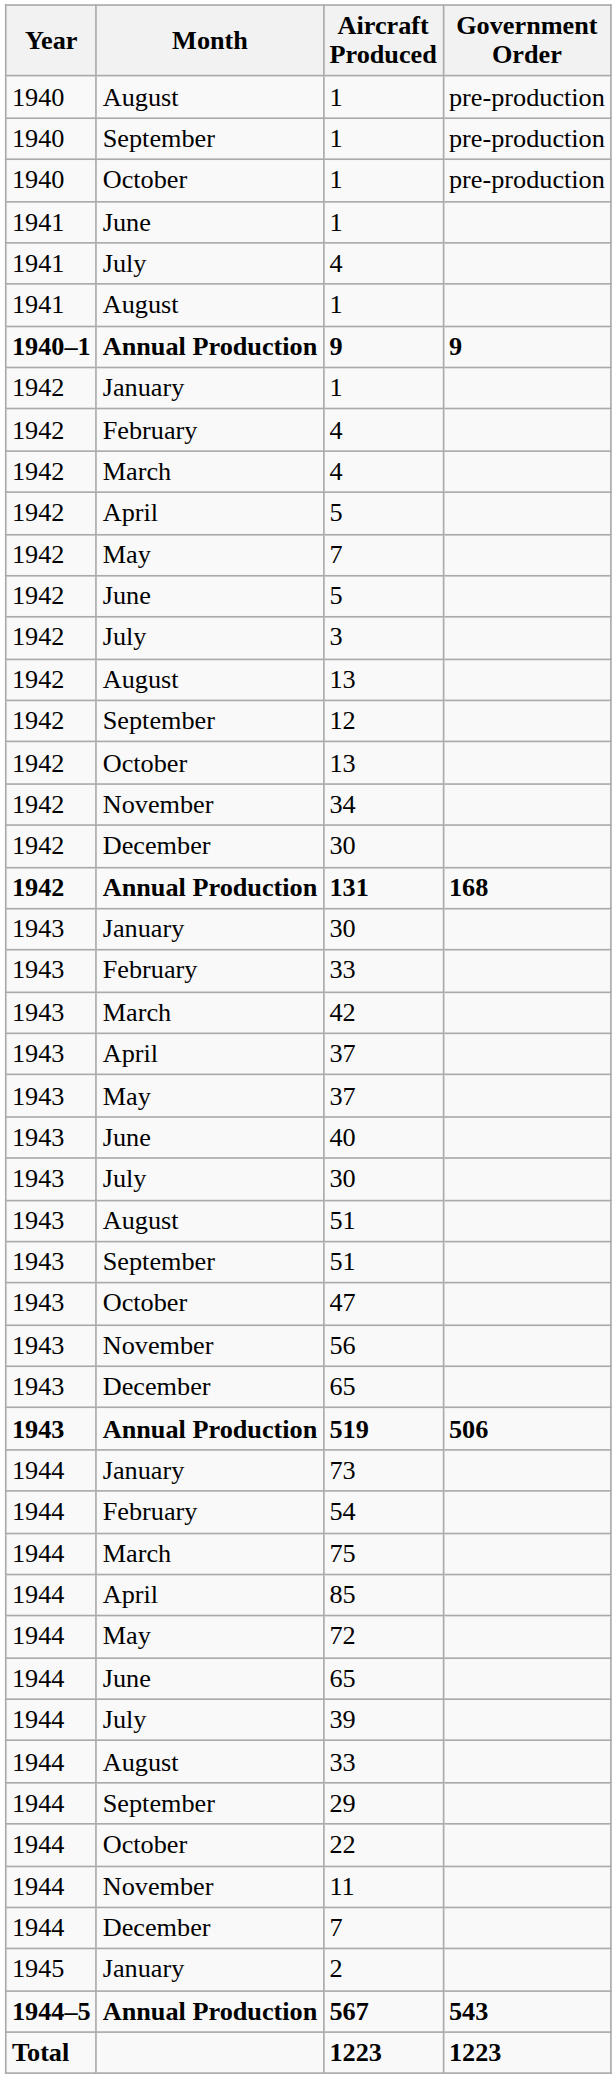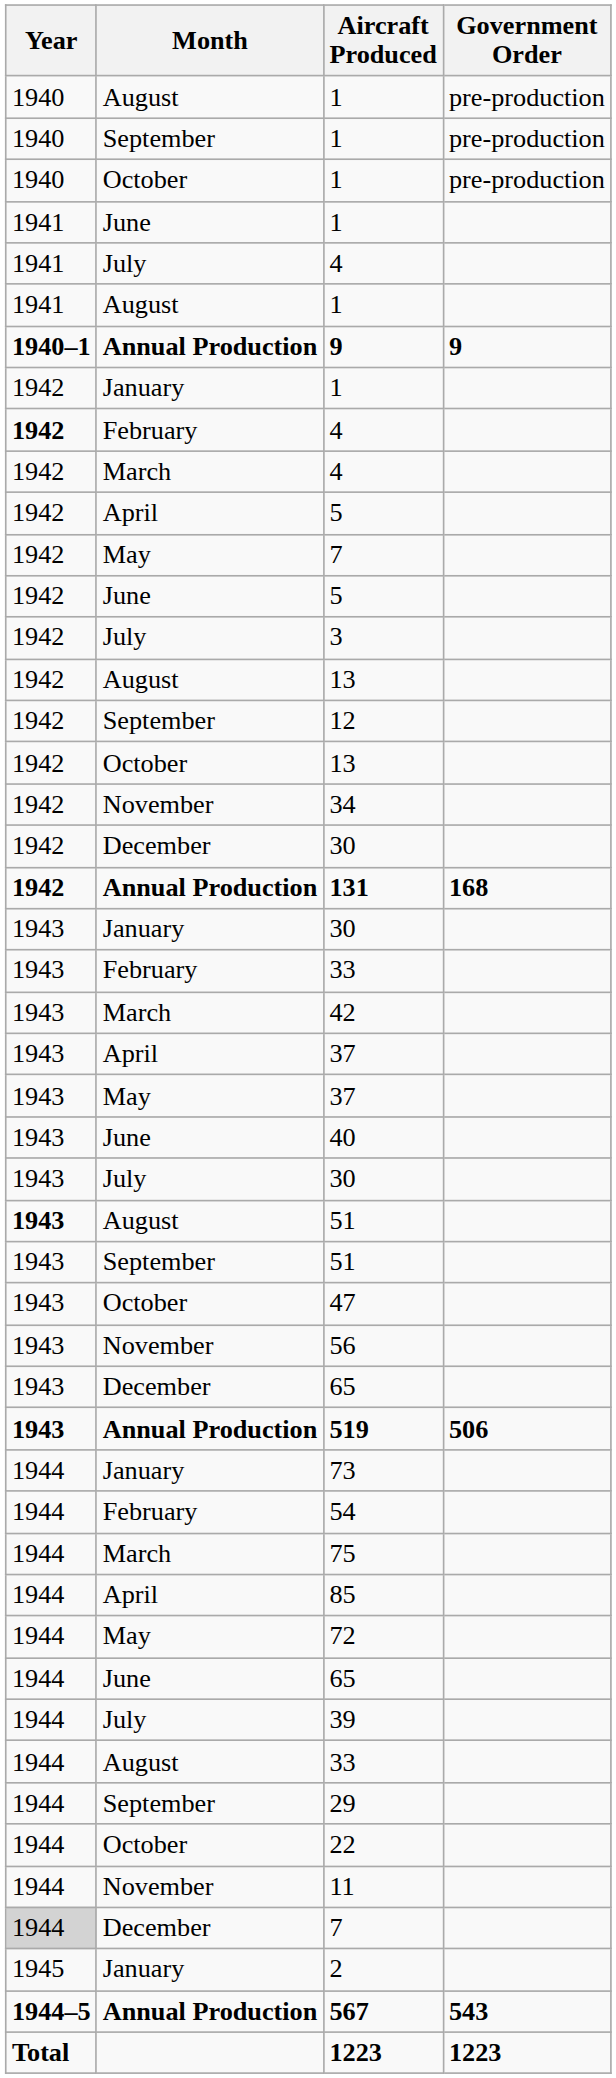 <table class="wikitable" align="right" style="margin-left: 8px;">
 <tr>
 <th>Year</th>
 <th>Month</th>
 <th>Aircraft<br> Produced</th>
 <th>Government<br> Order</th>
 </tr>
 <tr>
 <td>1940</td>
 <td>August</td>
 <td>1</td>
 <td>pre-production</td>
 </tr>
 <tr>
 <td>1940</td>
 <td>September</td>
 <td>1</td>
 <td>pre-production</td>
 </tr>
 <tr>
 <td>1940</td>
 <td>October</td>
 <td>1</td>
 <td>pre-production</td>
 </tr>
 <tr>
 <td>1941</td>
 <td>June</td>
 <td>1</td>
 <td></td>
 </tr>
 <tr>
 <td>1941</td>
 <td>July</td>
 <td>4</td>
 <td></td>
 </tr>
 <tr>
 <td>1941</td>
 <td>August</td>
 <td>1</td>
 <td></td>
 </tr>
 <tr>
 <td><strong>1940–1</strong></td>
 <td><strong>Annual Production</strong></td>
 <td><strong>9</strong></td>
 <td><strong>9</strong></td>
 </tr>
 <tr>
 <td>1942</td>
 <td>January</td>
 <td>1</td>
 <td></td>
 </tr>
 <tr>
-<td>1942</td>
+<td><strong>1942</strong></td>
 <td>February</td>
 <td>4</td>
 <td></td>
 </tr>
 <tr>
 <td>1942</td>
 <td>March</td>
 <td>4</td>
 <td></td>
 </tr>
 <tr>
 <td>1942</td>
 <td>April</td>
 <td>5</td>
 <td></td>
 </tr>
 <tr>
 <td>1942</td>
 <td>May</td>
 <td>7</td>
 <td></td>
 </tr>
 <tr>
 <td>1942</td>
 <td>June</td>
 <td>5</td>
 <td></td>
 </tr>
 <tr>
 <td>1942</td>
 <td>July</td>
 <td>3</td>
 <td></td>
 </tr>
 <tr>
 <td>1942</td>
 <td>August</td>
 <td>13</td>
 <td></td>
 </tr>
 <tr>
 <td>1942</td>
 <td>September</td>
 <td>12</td>
 <td></td>
 </tr>
 <tr>
 <td>1942</td>
 <td>October</td>
 <td>13</td>
 <td></td>
 </tr>
 <tr>
 <td>1942</td>
 <td>November</td>
 <td>34</td>
 <td></td>
 </tr>
 <tr>
 <td>1942</td>
 <td>December</td>
 <td>30</td>
 <td></td>
 </tr>
 <tr>
 <td><strong>1942</strong></td>
 <td><strong>Annual Production</strong></td>
 <td><strong>131</strong></td>
 <td><strong>168</strong></td>
 </tr>
 <tr>
 <td>1943</td>
 <td>January</td>
 <td>30</td>
 <td></td>
 </tr>
 <tr>
 <td>1943</td>
 <td>February</td>
 <td>33</td>
 <td></td>
 </tr>
 <tr>
 <td>1943</td>
 <td>March</td>
 <td>42</td>
 <td></td>
 </tr>
 <tr>
 <td>1943</td>
 <td>April</td>
 <td>37</td>
 <td></td>
 </tr>
 <tr>
 <td>1943</td>
 <td>May</td>
 <td>37</td>
 <td></td>
 </tr>
 <tr>
 <td>1943</td>
 <td>June</td>
 <td>40</td>
 <td></td>
 </tr>
 <tr>
 <td>1943</td>
 <td>July</td>
 <td>30</td>
 <td></td>
 </tr>
 <tr>
-<td>1943</td>
+<td><strong>1943</strong></td>
 <td>August</td>
 <td>51</td>
 <td></td>
 </tr>
 <tr>
 <td>1943</td>
 <td>September</td>
 <td>51</td>
 <td></td>
 </tr>
 <tr>
 <td>1943</td>
 <td>October</td>
 <td>47</td>
 <td></td>
 </tr>
 <tr>
 <td>1943</td>
 <td>November</td>
 <td>56</td>
 <td></td>
 </tr>
 <tr>
 <td>1943</td>
 <td>December</td>
 <td>65</td>
 <td></td>
 </tr>
 <tr>
 <td><strong>1943</strong></td>
 <td><strong>Annual Production</strong></td>
 <td><strong>519</strong></td>
 <td><strong>506</strong></td>
 </tr>
 <tr>
 <td>1944</td>
 <td>January</td>
 <td>73</td>
 <td></td>
 </tr>
 <tr>
 <td>1944</td>
 <td>February</td>
 <td>54</td>
 <td></td>
 </tr>
 <tr>
 <td>1944</td>
 <td>March</td>
 <td>75</td>
 <td></td>
 </tr>
 <tr>
 <td>1944</td>
 <td>April</td>
 <td>85</td>
 <td></td>
 </tr>
 <tr>
 <td>1944</td>
 <td>May</td>
 <td>72</td>
 <td></td>
 </tr>
 <tr>
 <td>1944</td>
 <td>June</td>
 <td>65</td>
 <td></td>
 </tr>
 <tr>
 <td>1944</td>
 <td>July</td>
 <td>39</td>
 <td></td>
 </tr>
 <tr>
 <td>1944</td>
 <td>August</td>
 <td>33</td>
 <td></td>
 </tr>
 <tr>
 <td>1944</td>
 <td>September</td>
 <td>29</td>
 <td></td>
 </tr>
 <tr>
 <td>1944</td>
 <td>October</td>
 <td>22</td>
 <td></td>
 </tr>
 <tr>
 <td>1944</td>
 <td>November</td>
 <td>11</td>
 <td></td>
 </tr>
 <tr>
-<td>1944</td>
+<td style="background: lightgrey;">1944</td>
 <td>December</td>
 <td>7</td>
 <td></td>
 </tr>
 <tr>
 <td>1945</td>
 <td>January</td>
 <td>2</td>
 <td></td>
 </tr>
 <tr>
 <td><strong>1944–5</strong></td>
 <td><strong>Annual Production</strong></td>
 <td><strong>567</strong></td>
 <td><strong>543</strong></td>
 </tr>
 <tr>
 <td><strong>Total</strong></td>
 <td></td>
 <td><strong>1223</strong></td>
 <td><strong>1223</strong></td>
 </tr>
 </table>
